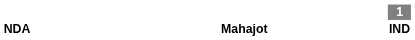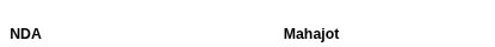 <table style="width:100%; text-align:center;">
 <tr style="color:white;">
 <td style="background:"><strong>75</strong></td>
 <td style="background:"><strong>50</strong></td>
-<td style="background:gray; width:0.79%;"><strong>1</strong></td>
 </tr>
 <tr>
 <td><span><strong>NDA</strong></span></td>
 <td><span><strong>Mahajot</strong></span></td>
-<td><span><strong>IND</strong></span></td>
 </tr>
 </table>
